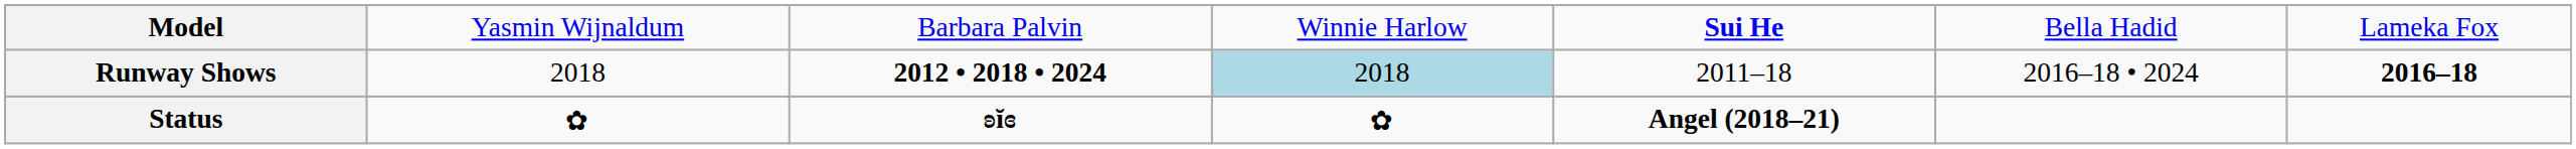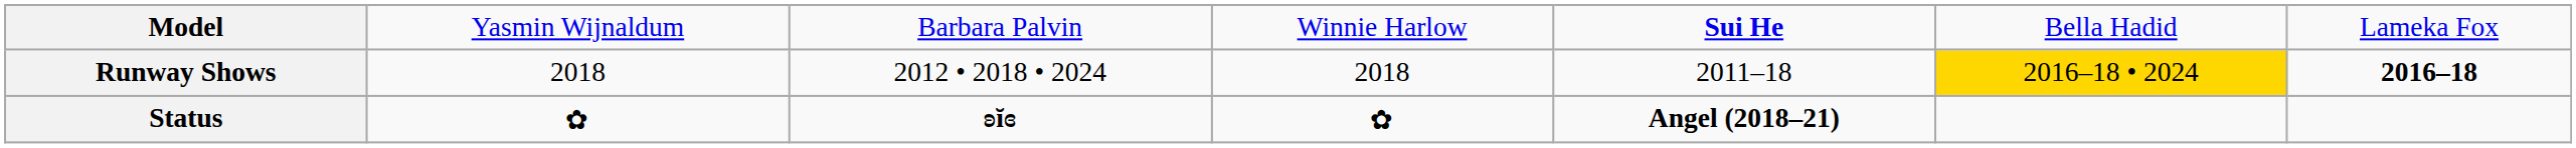 <table class="wikitable" style="font-size:85%; width:100%;" align="center">
 <tr>
 <th scope="row">Model</th>
 <td align="center"> <a href='#'>Yasmin Wijnaldum</a></td>
 <td align="center"> <a href='#'>Barbara Palvin</a></td>
 <td align="center"> <a href='#'>Winnie Harlow</a></td>
 <td align="center"><strong> <a href='#'>Sui He</a></strong></td>
 <td align="center"> <a href='#'>Bella Hadid</a></td>
 <td align="center"> <a href='#'>Lameka Fox</a></td>
 </tr>
 <tr>
 <th scope="row">Runway Shows</th>
 <td align="center">2018</td>
-<td align="center"><strong>2012 • 2018 • 2024</strong></td>
-<td align="center" style="background: lightblue;">2018</td>
+<td align="center">2012 • 2018 • 2024</td>
+<td align="center">2018</td>
 <td align="center">2011–18</td>
-<td align="center">2016–18 • 2024</td>
+<td align="center" style="background: gold;">2016–18 • 2024</td>
 <td align="center"><strong>2016–18</strong></td>
 </tr>
 <tr>
 <th>Status</th>
 <td align="center">✿</td>
 <td align="center"><strong>ʚĭɞ</strong></td>
 <td align="center">✿</td>
 <td align="center"><strong> Angel (2018–21)</strong></td>
 <td align="center"></td>
 <td align="center"></td>
 </tr>
 </table>
